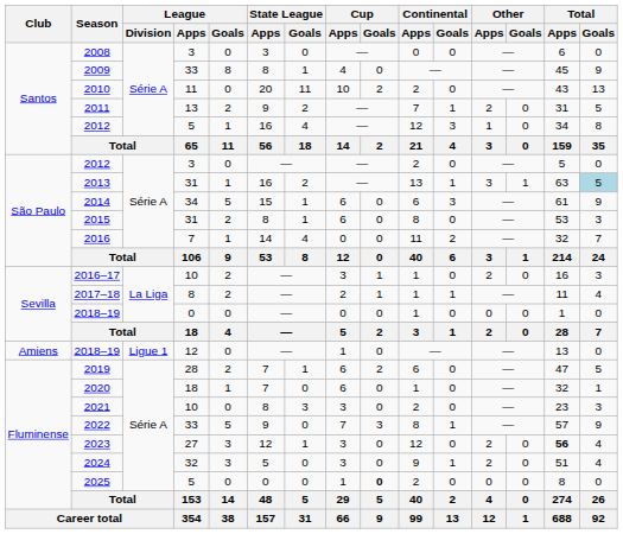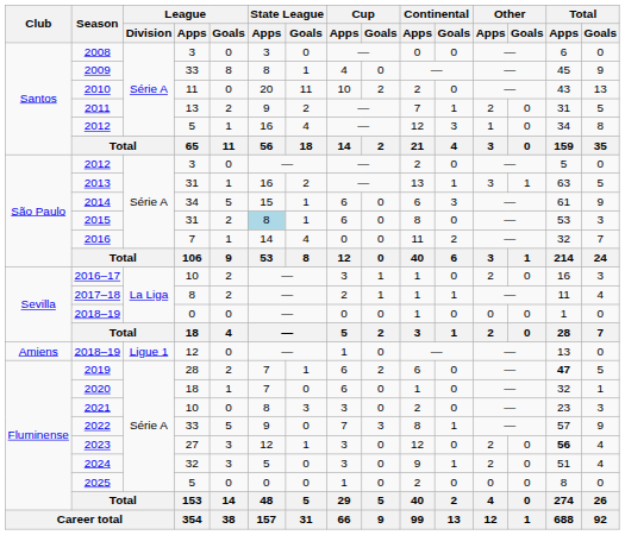 <table class="wikitable" style="text-align:center">
 <tr>
 <th rowspan="2">Club</th>
 <th rowspan="2">Season</th>
 <th colspan="3">League</th>
 <th colspan="2">State League</th>
 <th colspan="2">Cup</th>
 <th colspan="2">Continental</th>
 <th colspan="2">Other</th>
 <th colspan="2">Total</th>
 </tr>
 <tr>
 <th>Division</th>
 <th>Apps</th>
 <th>Goals</th>
 <th>Apps</th>
 <th>Goals</th>
 <th>Apps</th>
 <th>Goals</th>
 <th>Apps</th>
 <th>Goals</th>
 <th>Apps</th>
 <th>Goals</th>
 <th>Apps</th>
 <th>Goals</th>
 </tr>
 <tr>
 <td rowspan="6"><a href='#'>Santos</a></td>
 <td><a href='#'>2008</a></td>
 <td rowspan="5"><a href='#'>Série A</a></td>
 <td>3</td>
 <td>0</td>
 <td>3</td>
 <td>0</td>
 <td colspan="2">—</td>
 <td>0</td>
 <td>0</td>
 <td colspan="2">—</td>
 <td>6</td>
 <td>0</td>
 </tr>
 <tr>
 <td><a href='#'>2009</a></td>
 <td>33</td>
 <td>8</td>
 <td>8</td>
 <td>1</td>
 <td>4</td>
 <td>0</td>
 <td colspan="2">—</td>
 <td colspan="2">—</td>
 <td>45</td>
 <td>9</td>
 </tr>
 <tr>
 <td><a href='#'>2010</a></td>
 <td>11</td>
 <td>0</td>
 <td>20</td>
 <td>11</td>
 <td>10</td>
 <td>2</td>
 <td>2</td>
 <td>0</td>
 <td colspan="2">—</td>
 <td>43</td>
 <td>13</td>
 </tr>
 <tr>
 <td><a href='#'>2011</a></td>
 <td>13</td>
 <td>2</td>
 <td>9</td>
 <td>2</td>
 <td colspan="2">—</td>
 <td>7</td>
 <td>1</td>
 <td>2</td>
 <td>0</td>
 <td>31</td>
 <td>5</td>
 </tr>
 <tr>
 <td><a href='#'>2012</a></td>
 <td>5</td>
 <td>1</td>
 <td>16</td>
 <td>4</td>
 <td colspan="2">—</td>
 <td>12</td>
 <td>3</td>
 <td>1</td>
 <td>0</td>
 <td>34</td>
 <td>8</td>
 </tr>
 <tr>
 <th colspan="2">Total</th>
 <th>65</th>
 <th>11</th>
 <th>56</th>
 <th>18</th>
 <th>14</th>
 <th>2</th>
 <th>21</th>
 <th>4</th>
 <th>3</th>
 <th>0</th>
 <th>159</th>
 <th>35</th>
 </tr>
 <tr>
 <td rowspan="6"><a href='#'>São Paulo</a></td>
 <td><a href='#'>2012</a></td>
 <td rowspan="5">Série A</td>
 <td>3</td>
 <td>0</td>
 <td colspan="2">—</td>
 <td colspan="2">—</td>
 <td>2</td>
 <td>0</td>
 <td colspan="2">—</td>
 <td>5</td>
 <td>0</td>
 </tr>
 <tr>
 <td><a href='#'>2013</a></td>
 <td>31</td>
 <td>1</td>
 <td>16</td>
 <td>2</td>
 <td colspan="2">—</td>
 <td>13</td>
 <td>1</td>
 <td>3</td>
 <td>1</td>
 <td>63</td>
-<td style="background: lightblue;">5</td>
+<td>5</td>
 </tr>
 <tr>
 <td><a href='#'>2014</a></td>
 <td>34</td>
 <td>5</td>
 <td>15</td>
 <td>1</td>
 <td>6</td>
 <td>0</td>
 <td>6</td>
 <td>3</td>
 <td colspan="2">—</td>
 <td>61</td>
 <td>9</td>
 </tr>
 <tr>
 <td><a href='#'>2015</a></td>
 <td>31</td>
 <td>2</td>
-<td>8</td>
+<td style="background: lightblue;">8</td>
 <td>1</td>
 <td>6</td>
 <td>0</td>
 <td>8</td>
 <td>0</td>
 <td colspan="2">—</td>
 <td>53</td>
 <td>3</td>
 </tr>
 <tr>
 <td><a href='#'>2016</a></td>
 <td>7</td>
 <td>1</td>
 <td>14</td>
 <td>4</td>
 <td>0</td>
 <td>0</td>
 <td>11</td>
 <td>2</td>
 <td colspan="2">—</td>
 <td>32</td>
 <td>7</td>
 </tr>
 <tr>
 <th colspan="2">Total</th>
 <th>106</th>
 <th>9</th>
 <th>53</th>
 <th>8</th>
 <th>12</th>
 <th>0</th>
 <th>40</th>
 <th>6</th>
 <th>3</th>
 <th>1</th>
 <th>214</th>
 <th>24</th>
 </tr>
 <tr>
 <td rowspan="4"><a href='#'>Sevilla</a></td>
 <td><a href='#'>2016–17</a></td>
 <td rowspan="3"><a href='#'>La Liga</a></td>
 <td>10</td>
 <td>2</td>
 <td colspan="2">—</td>
 <td>3</td>
 <td>1</td>
 <td>1</td>
 <td>0</td>
 <td>2</td>
 <td>0</td>
 <td>16</td>
 <td>3</td>
 </tr>
 <tr>
 <td><a href='#'>2017–18</a></td>
 <td>8</td>
 <td>2</td>
 <td colspan="2">—</td>
 <td>2</td>
 <td>1</td>
 <td>1</td>
 <td>1</td>
 <td colspan="2">—</td>
 <td>11</td>
 <td>4</td>
 </tr>
 <tr>
 <td><a href='#'>2018–19</a></td>
 <td>0</td>
 <td>0</td>
 <td colspan="2">—</td>
 <td>0</td>
 <td>0</td>
 <td>1</td>
 <td>0</td>
 <td>0</td>
 <td>0</td>
 <td>1</td>
 <td>0</td>
 </tr>
 <tr>
 <th colspan="2">Total</th>
 <th>18</th>
 <th>4</th>
 <th colspan="2">—</th>
 <th>5</th>
 <th>2</th>
 <th>3</th>
 <th>1</th>
 <th>2</th>
 <th>0</th>
 <th>28</th>
 <th>7</th>
 </tr>
 <tr>
 <td><a href='#'>Amiens</a></td>
 <td><a href='#'>2018–19</a></td>
 <td><a href='#'>Ligue 1</a></td>
 <td>12</td>
 <td>0</td>
 <td colspan="2">—</td>
 <td>1</td>
 <td>0</td>
 <td colspan="2">—</td>
 <td colspan="2">—</td>
 <td>13</td>
 <td>0</td>
 </tr>
 <tr>
 <td rowspan="8"><a href='#'>Fluminense</a></td>
 <td><a href='#'>2019</a></td>
 <td rowspan="7">Série A</td>
 <td>28</td>
 <td>2</td>
 <td>7</td>
 <td>1</td>
 <td>6</td>
 <td>2</td>
 <td>6</td>
 <td>0</td>
 <td colspan="2">—</td>
-<td>47</td>
+<td><strong>47</strong></td>
 <td>5</td>
 </tr>
 <tr>
 <td><a href='#'>2020</a></td>
 <td>18</td>
 <td>1</td>
 <td>7</td>
 <td>0</td>
 <td>6</td>
 <td>0</td>
 <td>1</td>
 <td>0</td>
 <td colspan="2">—</td>
 <td>32</td>
 <td>1</td>
 </tr>
 <tr>
 <td><a href='#'>2021</a></td>
 <td>10</td>
 <td>0</td>
 <td>8</td>
 <td>3</td>
 <td>3</td>
 <td>0</td>
 <td>2</td>
 <td>0</td>
 <td colspan="2">—</td>
 <td>23</td>
 <td>3</td>
 </tr>
 <tr>
 <td><a href='#'>2022</a></td>
 <td>33</td>
 <td>5</td>
 <td>9</td>
 <td>0</td>
 <td>7</td>
 <td>3</td>
 <td>8</td>
 <td>1</td>
 <td colspan="2">—</td>
 <td>57</td>
 <td>9</td>
 </tr>
 <tr>
 <td><a href='#'>2023</a></td>
 <td>27</td>
 <td>3</td>
 <td>12</td>
 <td>1</td>
 <td>3</td>
 <td>0</td>
 <td>12</td>
 <td>0</td>
 <td>2</td>
 <td>0</td>
 <td><strong>56</strong></td>
 <td>4</td>
 </tr>
 <tr>
 <td><a href='#'>2024</a></td>
 <td>32</td>
 <td>3</td>
 <td>5</td>
 <td>0</td>
 <td>3</td>
 <td>0</td>
 <td>9</td>
 <td>1</td>
 <td>2</td>
 <td>0</td>
 <td>51</td>
 <td>4</td>
 </tr>
 <tr>
 <td><a href='#'>2025</a></td>
 <td>5</td>
 <td>0</td>
 <td>0</td>
 <td>0</td>
 <td>1</td>
-<td><strong>0</strong></td>
+<td>0</td>
 <td>2</td>
 <td>0</td>
 <td>0</td>
 <td>0</td>
 <td>8</td>
 <td>0</td>
 </tr>
 <tr>
 <th colspan="2">Total</th>
 <th>153</th>
 <th>14</th>
 <th>48</th>
 <th>5</th>
 <th>29</th>
 <th>5</th>
 <th>40</th>
 <th>2</th>
 <th>4</th>
 <th>0</th>
 <th>274</th>
 <th>26</th>
 </tr>
 <tr>
 <th colspan="3">Career total</th>
 <th>354</th>
 <th>38</th>
 <th>157</th>
 <th>31</th>
 <th>66</th>
 <th>9</th>
 <th>99</th>
 <th>13</th>
 <th>12</th>
 <th>1</th>
 <th>688</th>
 <th>92</th>
 </tr>
 </table>
